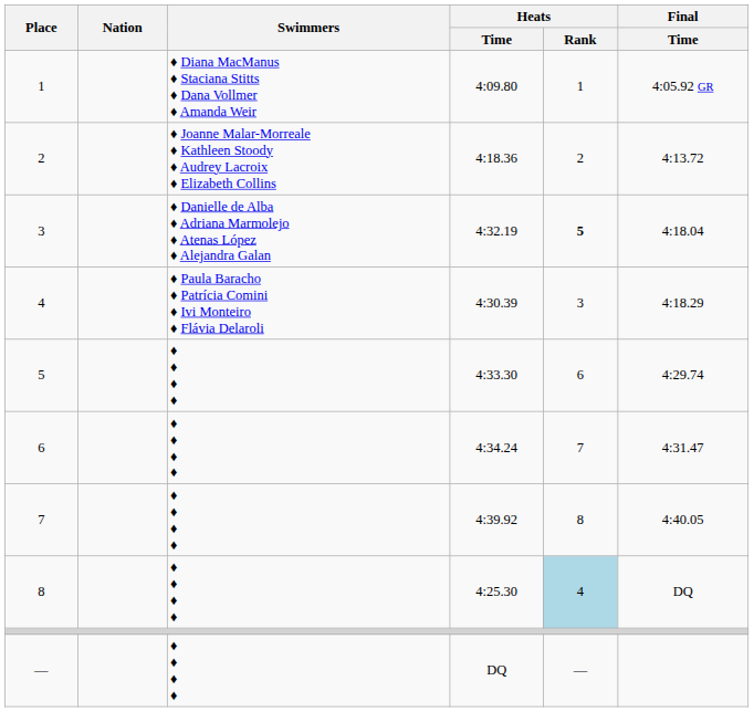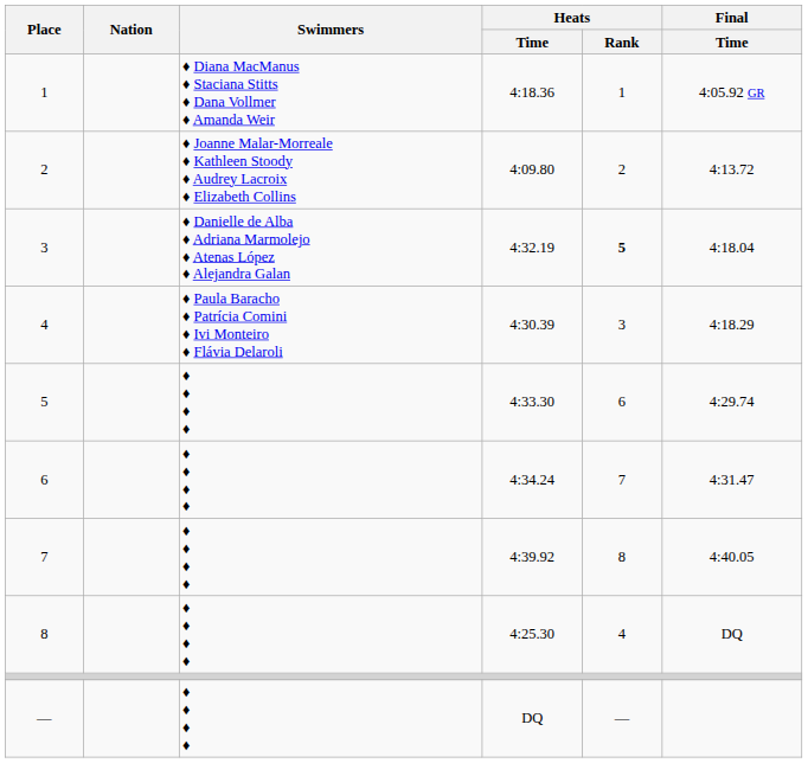 <table class="wikitable" style=" text-align:center; font-size:110%;" width="75%">
 <tr>
 <th rowspan="2">Place</th>
 <th rowspan="2">Nation</th>
 <th rowspan="2">Swimmers</th>
 <th colspan="2">Heats</th>
 <th>Final</th>
 </tr>
 <tr>
 <th>Time</th>
 <th>Rank</th>
 <th>Time</th>
 </tr>
 <tr>
 <td>1</td>
 <td align=left></td>
 <td align=left>♦ <a href='#'>Diana MacManus</a><br>♦ <a href='#'>Staciana Stitts</a><br>♦ <a href='#'>Dana Vollmer</a><br>♦ <a href='#'>Amanda Weir</a></td>
-<td>4:09.80</td>
+<td>4:18.36</td>
 <td>1</td>
 <td>4:05.92 <small><a href='#'>GR</a></small></td>
 </tr>
 <tr>
 <td>2</td>
 <td align=left></td>
 <td align=left>♦ <a href='#'>Joanne Malar-Morreale</a><br>♦ <a href='#'>Kathleen Stoody</a><br>♦ <a href='#'>Audrey Lacroix</a><br>♦ <a href='#'>Elizabeth Collins</a></td>
-<td>4:18.36</td>
+<td>4:09.80</td>
 <td>2</td>
 <td>4:13.72</td>
 </tr>
 <tr>
 <td>3</td>
 <td align=left></td>
 <td align=left>♦ <a href='#'>Danielle de Alba</a><br>♦ <a href='#'>Adriana Marmolejo</a><br>♦ <a href='#'>Atenas López</a><br>♦ <a href='#'>Alejandra Galan</a></td>
 <td>4:32.19</td>
 <td><strong>5</strong></td>
 <td>4:18.04</td>
 </tr>
 <tr>
 <td>4</td>
 <td align=left></td>
 <td align=left>♦ <a href='#'>Paula Baracho</a><br>♦ <a href='#'>Patrícia Comini</a><br>♦ <a href='#'>Ivi Monteiro</a><br>♦ <a href='#'>Flávia Delaroli</a></td>
 <td>4:30.39</td>
 <td>3</td>
 <td>4:18.29</td>
 </tr>
 <tr>
 <td>5</td>
 <td align=left></td>
 <td align=left>♦ <br>♦ <br>♦ <br>♦</td>
 <td>4:33.30</td>
 <td>6</td>
 <td>4:29.74</td>
 </tr>
 <tr>
 <td>6</td>
 <td align=left></td>
 <td align=left>♦ <br>♦ <br>♦ <br>♦</td>
 <td>4:34.24</td>
 <td>7</td>
 <td>4:31.47</td>
 </tr>
 <tr>
 <td>7</td>
 <td align=left></td>
 <td align=left>♦ <br>♦ <br>♦ <br>♦</td>
 <td>4:39.92</td>
 <td>8</td>
 <td>4:40.05</td>
 </tr>
 <tr>
 <td>8</td>
 <td align=left></td>
 <td align=left>♦ <br>♦ <br>♦ <br>♦</td>
 <td>4:25.30</td>
-<td style="background: lightblue;">4</td>
+<td>4</td>
 <td>DQ</td>
 </tr>
 <tr>
 <td colspan=6 bgcolor=lightgray></td>
 </tr>
 <tr>
 <td>—</td>
 <td align=left></td>
 <td align=left>♦ <br>♦ <br>♦ <br>♦</td>
 <td>DQ</td>
 <td>—</td>
 </tr>
 </table>
